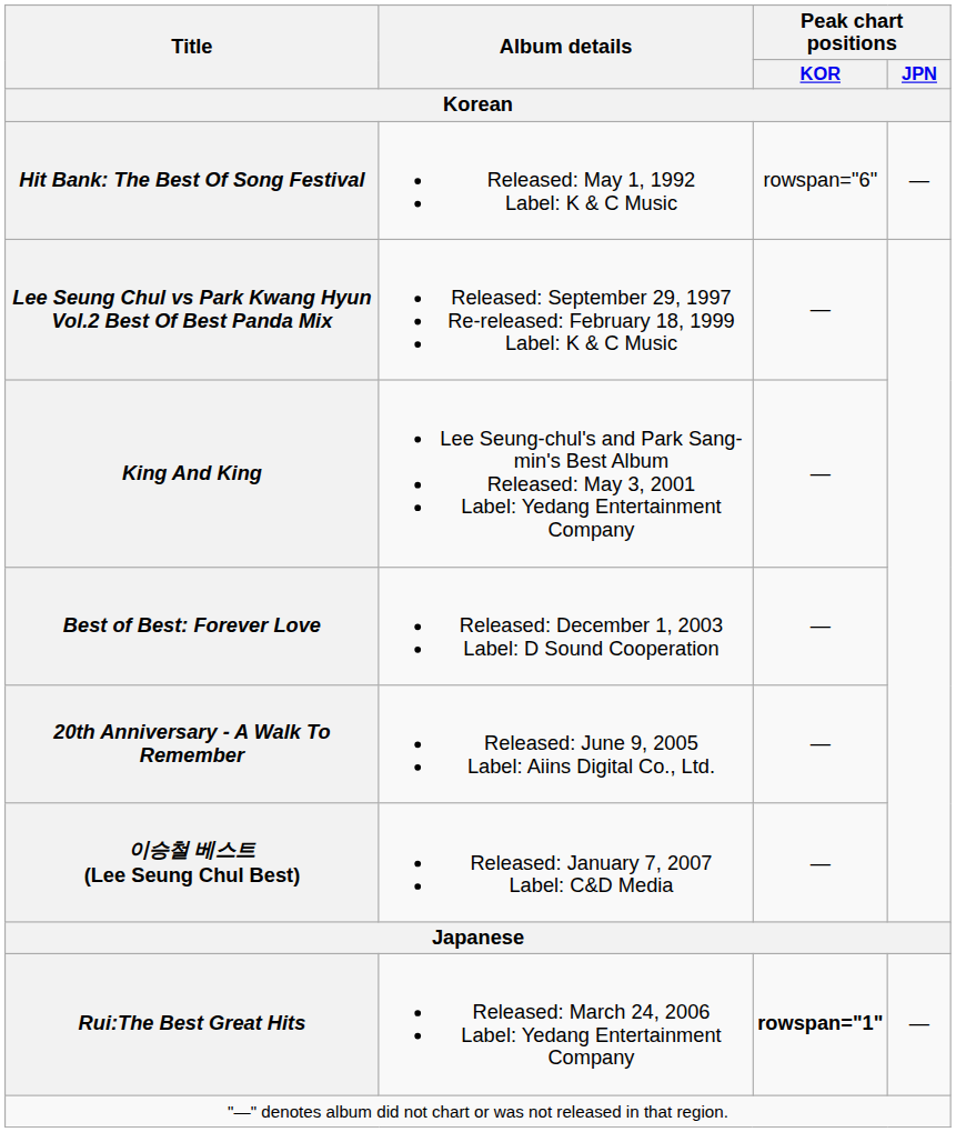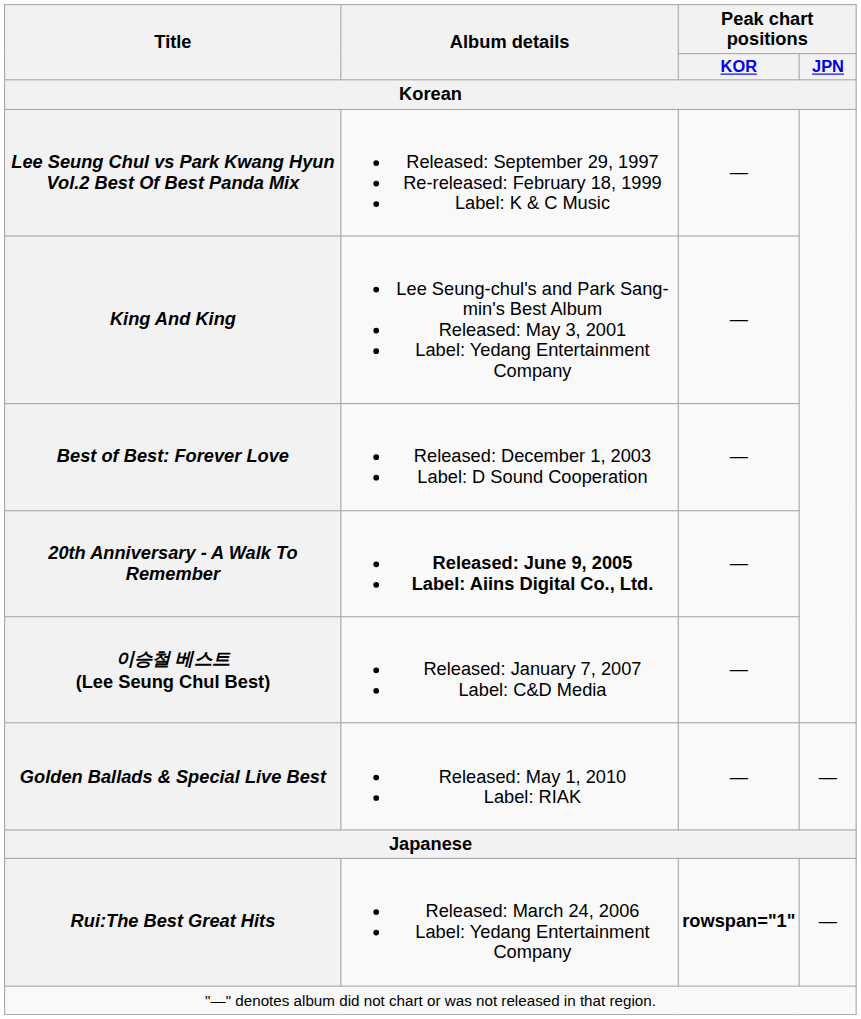 <table class="wikitable plainrowheaders" style="text-align:center;">
 <tr>
 <th scope="col" rowspan="2" style="width:18em;">Title</th>
 <th scope="col" rowspan="2" style="width:18em;">Album details</th>
 <th colspan="2" scope="col">Peak chart positions</th>
 </tr>
 <tr>
 <th style="width:3em;font-size:90%;"><a href='#'>KOR</a><br></th>
 <th style="width:3em;font-size:90%;"><a href='#'>JPN</a><br></th>
 </tr>
 <tr>
 <th colspan="4">Korean</th>
-</tr>
-<tr>
-<th scope="row"><em>Hit Bank: The Best Of Song Festival</em></th>
-<td><br><ul><li>Released: May 1, 1992</li><li>Label:  K & C Music</li></ul></td>
-<td>rowspan="6" </td>
-<td>—</td>
 </tr>
 <tr>
 <th scope="row"><em>Lee Seung Chul vs Park Kwang Hyun <br> Vol.2 Best Of Best Panda Mix</em></th>
 <td><br><ul><li>Released: September 29, 1997</li><li>Re-released: February 18, 1999</li><li>Label:  K & C Music</li></ul></td>
 <td>—</td>
 </tr>
 <tr>
 <th scope="row"><em>King And King</em></th>
 <td><br><ul><li>Lee Seung-chul's and Park Sang-min's Best Album</li><li>Released: May 3, 2001</li><li>Label:  Yedang Entertainment Company</li></ul></td>
 <td>—</td>
 </tr>
 <tr>
 <th scope="row"><em>Best of Best: Forever Love</em></th>
 <td><br><ul><li>Released: December 1, 2003</li><li>Label:  D Sound Cooperation</li></ul></td>
 <td>—</td>
 </tr>
 <tr>
 <th scope="row"><em>20th Anniversary - A Walk To Remember</em></th>
-<td><br><ul><li>Released: June 9, 2005</li><li>Label:  Aiins Digital Co., Ltd.</li></ul></td>
+<td><strong><br><ul><li>Released: June 9, 2005</li><li>Label:  Aiins Digital Co., Ltd.</li></ul></strong></td>
 <td>—</td>
 </tr>
 <tr>
 <th scope="row"><em>이승철 베스트</em><br> (Lee Seung Chul Best)</th>
 <td><br><ul><li>Released: January 7, 2007</li><li>Label: C&D Media</li></ul></td>
+<td>—</td>
+</tr>
+<tr>
+<th scope="row"><em>Golden Ballads & Special Live Best</em></th>
+<td><br><ul><li>Released: May 1, 2010</li><li>Label:  RIAK</li></ul></td>
+<td>—</td>
 <td>—</td>
 </tr>
 <tr>
 <th colspan="4">Japanese</th>
 </tr>
 <tr>
 <th scope="row"><em>Rui:The Best Great Hits</em></th>
 <td><br><ul><li>Released: March 24, 2006</li><li>Label:  Yedang Entertainment Company</li></ul></td>
 <td><strong>rowspan="1" </strong></td>
 <td>—</td>
 </tr>
 <tr>
 <td colspan="4"><small>"—" denotes album did not chart or was not released in that region.</small></td>
 </tr>
 </table>
